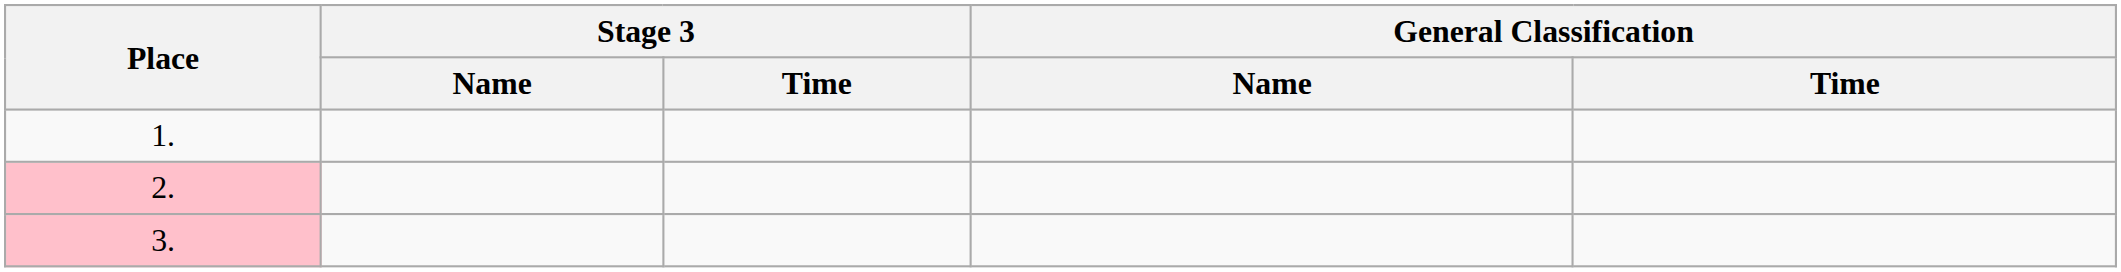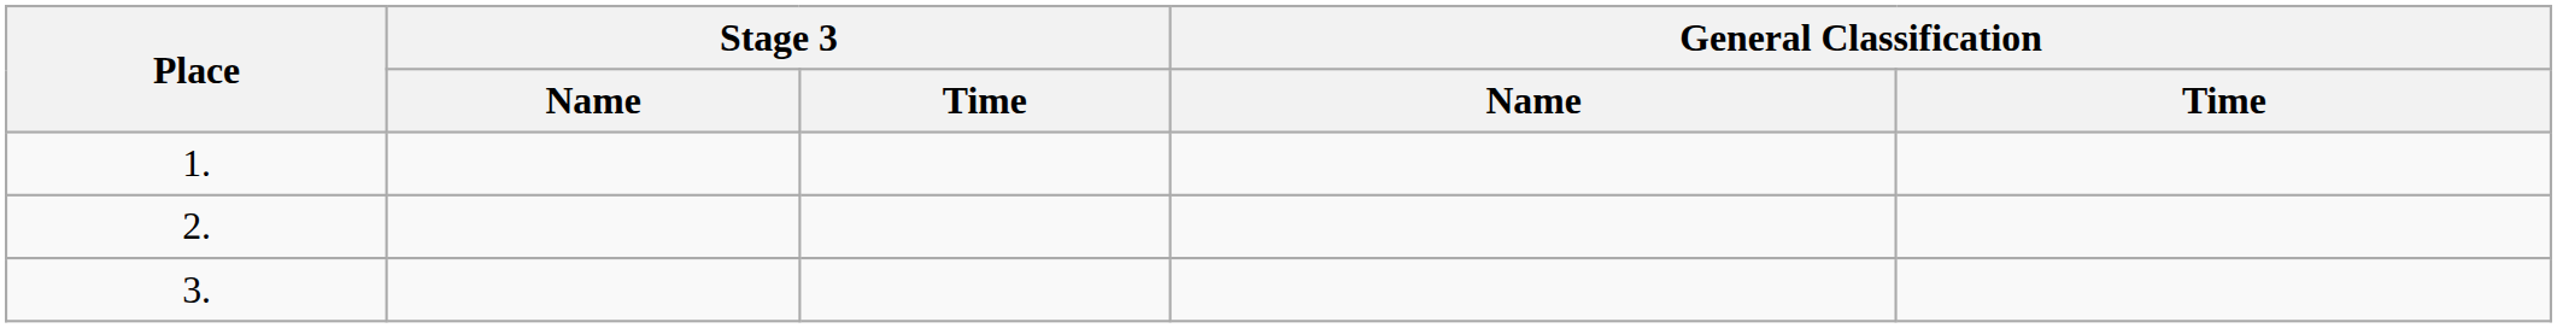 <table class=wikitable style="font-size:95%" width="80%">
 <tr>
 <th rowspan="2">Place</th>
 <th colspan="2">Stage 3</th>
 <th colspan="2">General Classification</th>
 </tr>
 <tr>
 <th>Name</th>
 <th>Time</th>
 <th>Name</th>
 <th>Time</th>
 </tr>
 <tr>
 <td align="center">1.</td>
 <td></td>
 <td></td>
 <td></td>
 <td></td>
 </tr>
 <tr>
-<td align="center" style="background: pink;">2.</td>
+<td align="center">2.</td>
 <td></td>
 <td></td>
 <td></td>
 <td></td>
 </tr>
 <tr>
-<td align="center" style="background: pink;">3.</td>
+<td align="center">3.</td>
 <td></td>
 <td></td>
 <td></td>
 <td></td>
 </tr>
 </table>
